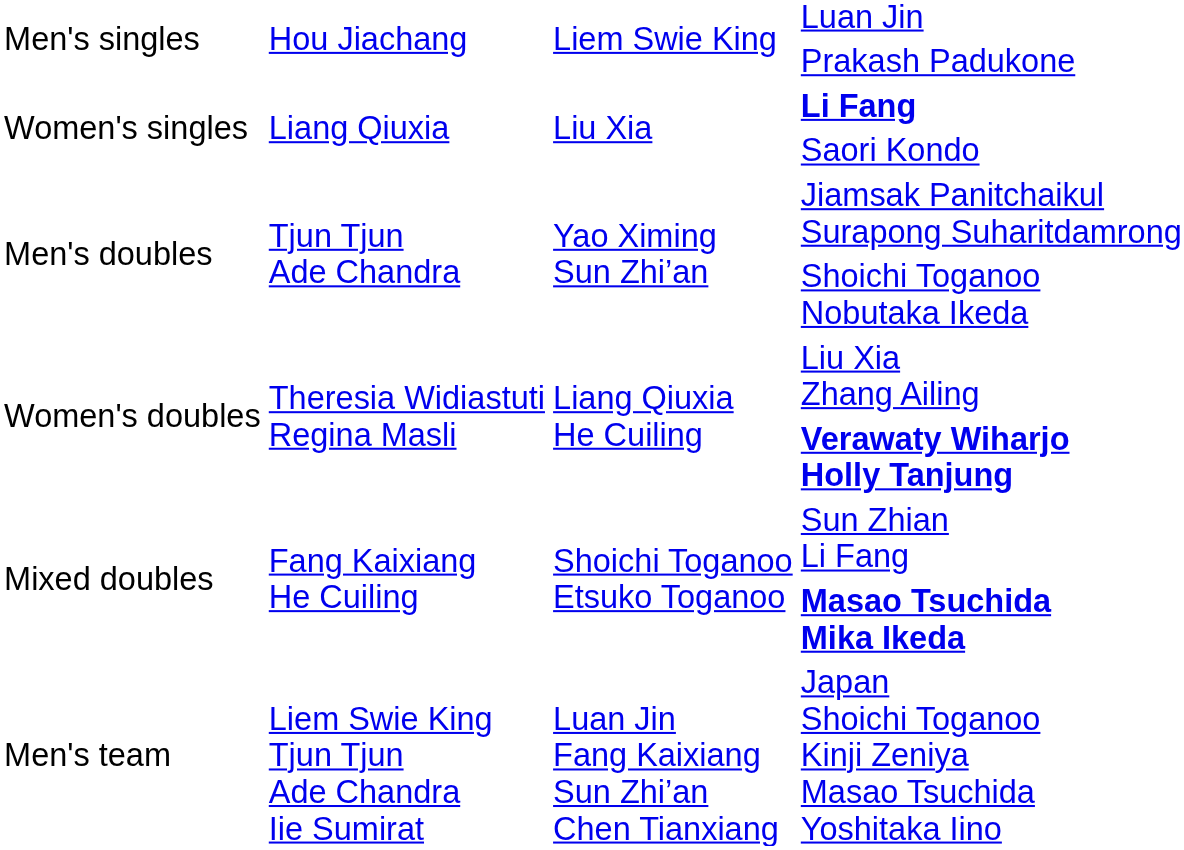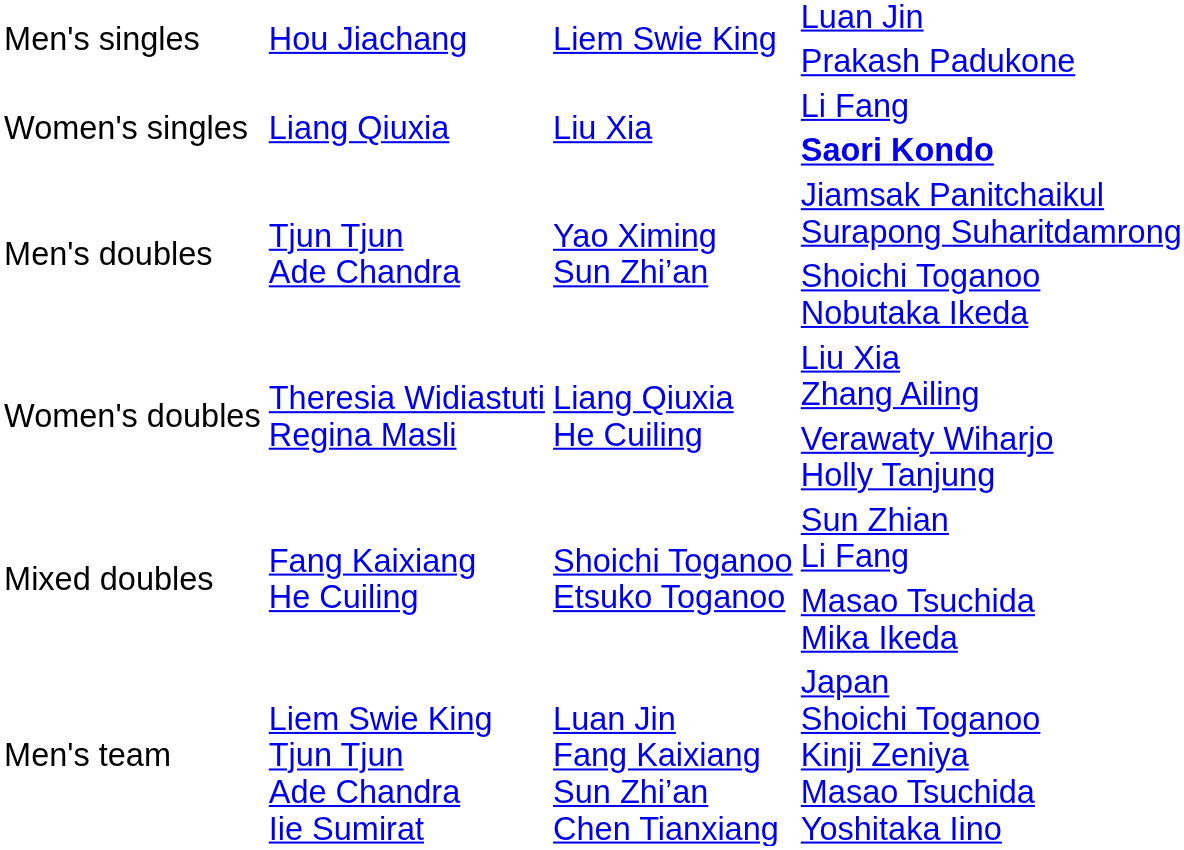 <table>
 <tr>
 <td rowspan="2">Men's singles</td>
 <td rowspan="2"> <a href='#'>Hou Jiachang</a></td>
 <td rowspan="2"> <a href='#'>Liem Swie King</a></td>
 <td> <a href='#'>Luan Jin</a></td>
 </tr>
 <tr>
 <td> <a href='#'>Prakash Padukone</a></td>
 </tr>
 <tr>
 <td rowspan="2">Women's singles</td>
 <td rowspan="2"> <a href='#'>Liang Qiuxia</a></td>
 <td rowspan="2"> <a href='#'>Liu Xia</a></td>
-<td><strong> <a href='#'>Li Fang</a></strong></td>
+<td> <a href='#'>Li Fang</a></td>
 </tr>
 <tr>
-<td> <a href='#'>Saori Kondo</a></td>
+<td><strong> <a href='#'>Saori Kondo</a></strong></td>
 </tr>
 <tr>
 <td rowspan="2">Men's doubles</td>
 <td rowspan="2"> <a href='#'>Tjun Tjun</a> <br>  <a href='#'>Ade Chandra</a></td>
 <td rowspan="2"> <a href='#'>Yao Ximing</a> <br>  <a href='#'>Sun Zhi’an</a></td>
 <td> <a href='#'>Jiamsak Panitchaikul</a> <br>  <a href='#'>Surapong Suharitdamrong</a></td>
 </tr>
 <tr>
 <td> <a href='#'>Shoichi Toganoo</a> <br>  <a href='#'>Nobutaka Ikeda</a></td>
 </tr>
 <tr>
 <td rowspan="2">Women's doubles</td>
 <td rowspan="2"> <a href='#'>Theresia Widiastuti</a> <br>  <a href='#'>Regina Masli</a></td>
 <td rowspan="2"> <a href='#'>Liang Qiuxia</a> <br>  <a href='#'>He Cuiling</a></td>
 <td> <a href='#'>Liu Xia</a> <br>  <a href='#'>Zhang Ailing</a></td>
 </tr>
 <tr>
-<td><strong> <a href='#'>Verawaty Wiharjo</a> <br>  <a href='#'>Holly Tanjung</a></strong></td>
+<td> <a href='#'>Verawaty Wiharjo</a> <br>  <a href='#'>Holly Tanjung</a></td>
 </tr>
 <tr>
 <td rowspan="2">Mixed doubles</td>
 <td rowspan="2"> <a href='#'>Fang Kaixiang</a> <br>  <a href='#'>He Cuiling</a></td>
 <td rowspan="2"> <a href='#'>Shoichi Toganoo</a> <br>  <a href='#'>Etsuko Toganoo</a></td>
 <td> <a href='#'>Sun Zhian</a> <br>  <a href='#'>Li Fang</a></td>
 </tr>
 <tr>
-<td><strong> <a href='#'>Masao Tsuchida</a> <br>  <a href='#'>Mika Ikeda</a></strong></td>
+<td> <a href='#'>Masao Tsuchida</a> <br>  <a href='#'>Mika Ikeda</a></td>
 </tr>
 <tr>
 <td>Men's team<br></td>
 <td><br><a href='#'>Liem Swie King</a><br><a href='#'>Tjun Tjun</a><br><a href='#'>Ade Chandra</a><br><a href='#'>Iie Sumirat</a></td>
 <td><br><a href='#'>Luan Jin</a><br><a href='#'>Fang Kaixiang</a><br><a href='#'>Sun Zhi’an</a><br><a href='#'>Chen Tianxiang</a></td>
 <td> <a href='#'>Japan</a><br><a href='#'>Shoichi Toganoo</a> <br> <a href='#'>Kinji Zeniya</a> <br><a href='#'>Masao Tsuchida</a><br><a href='#'>Yoshitaka Iino</a></td>
 </tr>
 </table>
